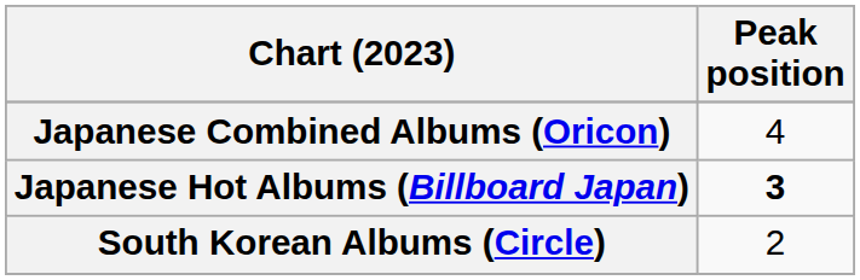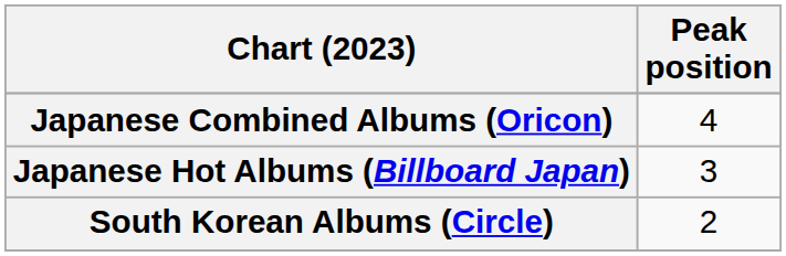 <table class="wikitable sortable plainrowheaders" style="text-align:center;">
 <tr>
 <th scope="col">Chart (2023)</th>
 <th scope="col">Peak<br>position</th>
 </tr>
 <tr>
 </tr>
 <tr>
 <th scope="row">Japanese Combined Albums (<a href='#'>Oricon</a>)</th>
 <td>4</td>
 </tr>
 <tr>
 <th scope="row">Japanese Hot Albums (<em><a href='#'>Billboard Japan</a></em>)</th>
-<td><strong>3</strong></td>
+<td>3</td>
 </tr>
 <tr>
 <th scope="row">South Korean Albums (<a href='#'>Circle</a>)</th>
 <td>2</td>
 </tr>
 <tr>
 </tr>
 </table>
